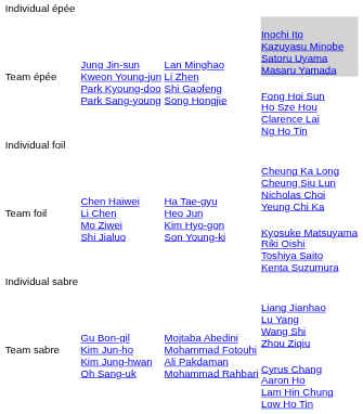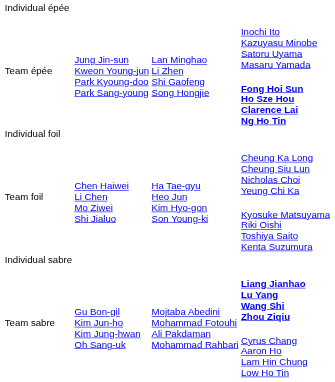 <table>
 <tr>
 <td rowspan=2>Individual épée</td>
 <td rowspan=2></td>
 <td rowspan=2></td>
 <td></td>
 </tr>
 <tr>
 <td></td>
 </tr>
 <tr>
 <td rowspan=2>Team épée</td>
 <td rowspan=2><br><a href='#'>Jung Jin-sun</a><br><a href='#'>Kweon Young-jun</a><br><a href='#'>Park Kyoung-doo</a><br><a href='#'>Park Sang-young</a></td>
 <td rowspan=2><br><a href='#'>Lan Minghao</a><br><a href='#'>Li Zhen</a><br><a href='#'>Shi Gaofeng</a><br><a href='#'>Song Hongjie</a></td>
-<td style="background: lightgrey;"><br><a href='#'>Inochi Ito</a><br><a href='#'>Kazuyasu Minobe</a><br><a href='#'>Satoru Uyama</a><br><a href='#'>Masaru Yamada</a></td>
+<td><br><a href='#'>Inochi Ito</a><br><a href='#'>Kazuyasu Minobe</a><br><a href='#'>Satoru Uyama</a><br><a href='#'>Masaru Yamada</a></td>
 </tr>
 <tr>
-<td><br><a href='#'>Fong Hoi Sun</a><br><a href='#'>Ho Sze Hou</a><br><a href='#'>Clarence Lai</a><br><a href='#'>Ng Ho Tin</a></td>
+<td><strong><br><a href='#'>Fong Hoi Sun</a><br><a href='#'>Ho Sze Hou</a><br><a href='#'>Clarence Lai</a><br><a href='#'>Ng Ho Tin</a></strong></td>
 </tr>
 <tr>
 <td rowspan=2>Individual foil</td>
 <td rowspan=2></td>
 <td rowspan=2></td>
 <td></td>
 </tr>
 <tr>
 <td></td>
 </tr>
 <tr>
 <td rowspan=2>Team foil</td>
 <td rowspan=2><br><a href='#'>Chen Haiwei</a><br><a href='#'>Li Chen</a><br><a href='#'>Mo Ziwei</a><br><a href='#'>Shi Jialuo</a></td>
 <td rowspan=2><br><a href='#'>Ha Tae-gyu</a><br><a href='#'>Heo Jun</a><br><a href='#'>Kim Hyo-gon</a><br><a href='#'>Son Young-ki</a></td>
 <td><br><a href='#'>Cheung Ka Long</a><br><a href='#'>Cheung Siu Lun</a><br><a href='#'>Nicholas Choi</a><br><a href='#'>Yeung Chi Ka</a></td>
 </tr>
 <tr>
 <td><br><a href='#'>Kyosuke Matsuyama</a><br><a href='#'>Riki Oishi</a><br><a href='#'>Toshiya Saito</a><br><a href='#'>Kenta Suzumura</a></td>
 </tr>
 <tr>
 <td rowspan=2>Individual sabre</td>
 <td rowspan=2></td>
 <td rowspan=2></td>
 <td></td>
 </tr>
 <tr>
 <td></td>
 </tr>
 <tr>
 <td rowspan=2>Team sabre</td>
 <td rowspan=2><br><a href='#'>Gu Bon-gil</a><br><a href='#'>Kim Jun-ho</a><br><a href='#'>Kim Jung-hwan</a><br><a href='#'>Oh Sang-uk</a></td>
 <td rowspan=2><br><a href='#'>Mojtaba Abedini</a><br><a href='#'>Mohammad Fotouhi</a><br><a href='#'>Ali Pakdaman</a><br><a href='#'>Mohammad Rahbari</a></td>
-<td><br><a href='#'>Liang Jianhao</a><br><a href='#'>Lu Yang</a><br><a href='#'>Wang Shi</a><br><a href='#'>Zhou Ziqiu</a></td>
+<td><strong><br><a href='#'>Liang Jianhao</a><br><a href='#'>Lu Yang</a><br><a href='#'>Wang Shi</a><br><a href='#'>Zhou Ziqiu</a></strong></td>
 </tr>
 <tr>
 <td><br><a href='#'>Cyrus Chang</a><br><a href='#'>Aaron Ho</a><br><a href='#'>Lam Hin Chung</a><br><a href='#'>Low Ho Tin</a></td>
 </tr>
 </table>
